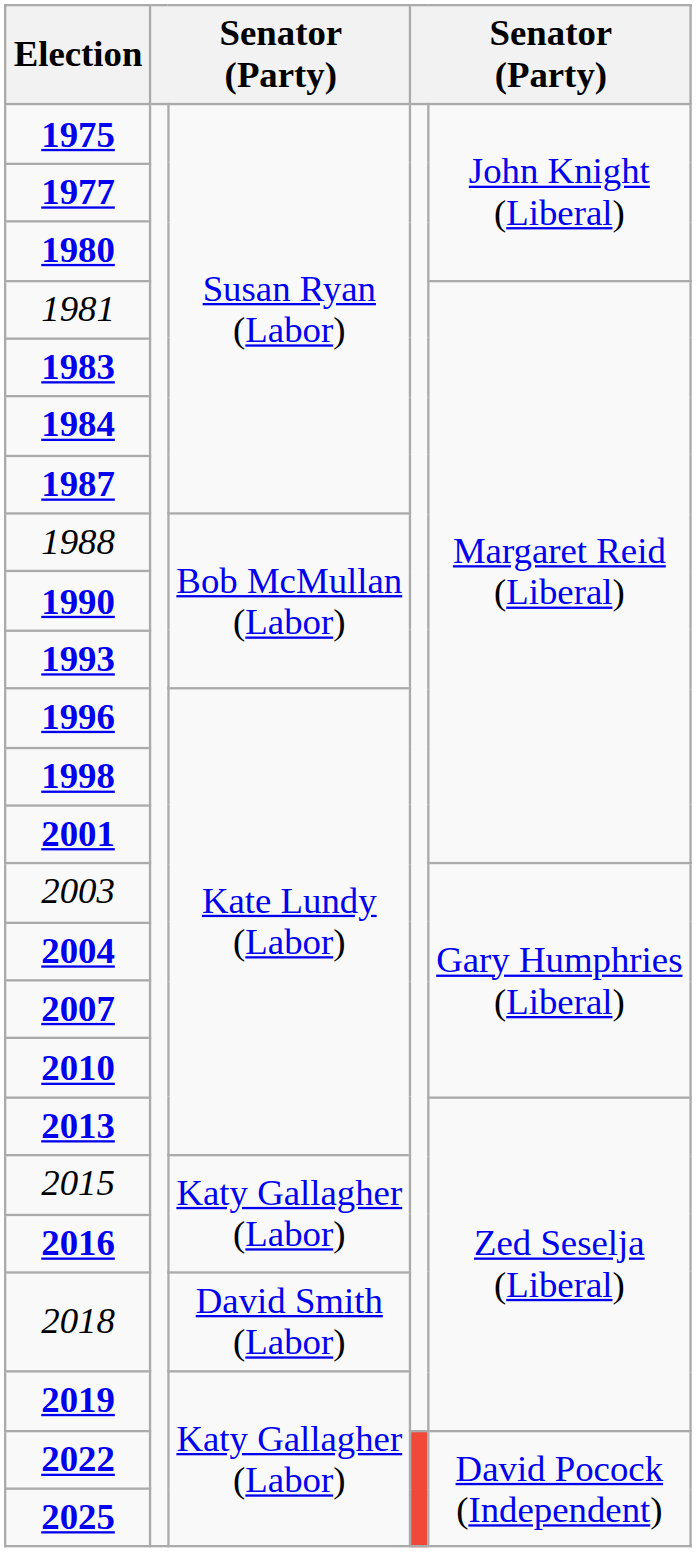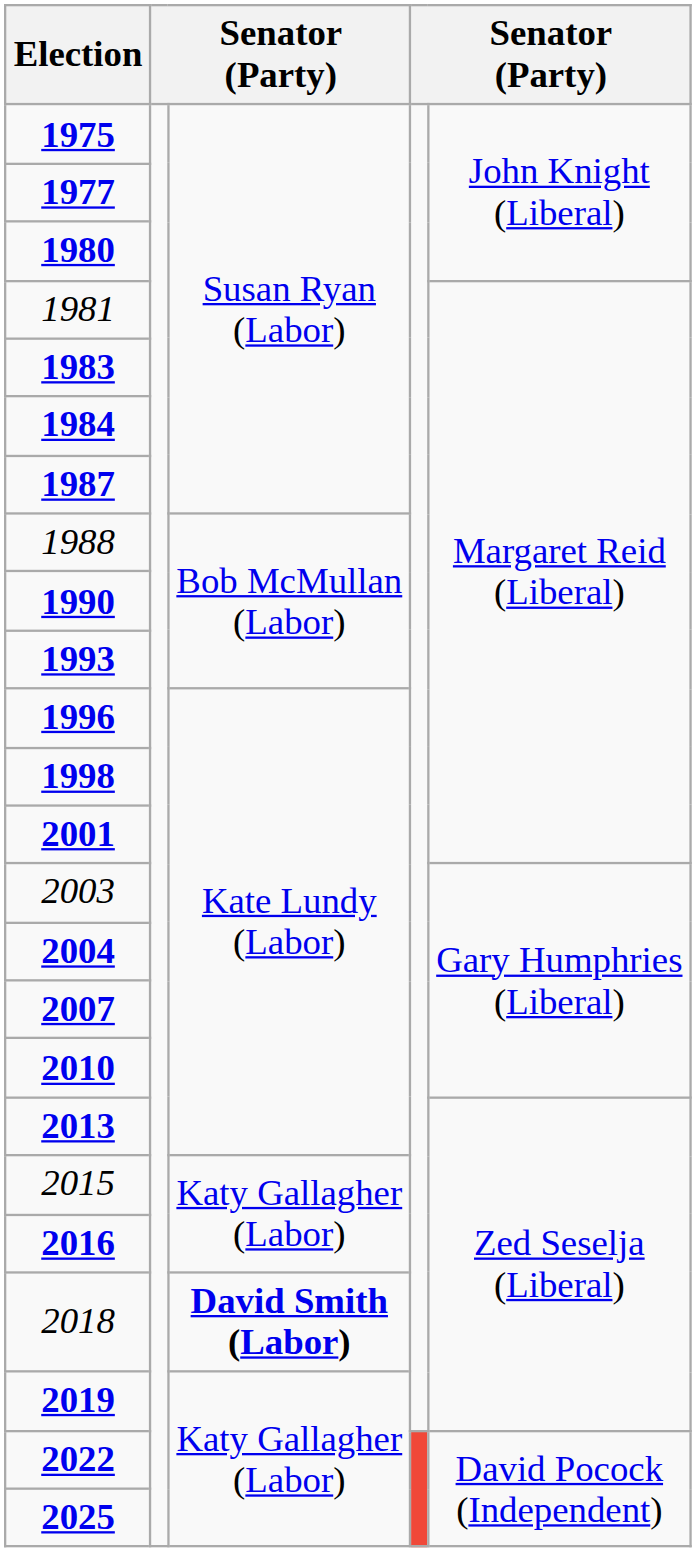 <table class="wikitable" style="text-align:center">
 <tr>
 <th>Election</th>
 <th colspan=2>Senator<br>(Party)</th>
 <th colspan=2>Senator<br>(Party)</th>
 </tr>
 <tr>
 <td><strong><a href='#'>1975</a></strong></td>
 <td rowspan=24; style="background-color: "></td>
 <td rowspan=7><a href='#'>Susan Ryan</a><br>(<a href='#'>Labor</a>)<br></td>
 <td rowspan=22; style="background-color: "></td>
 <td rowspan=3><a href='#'>John Knight</a><br>(<a href='#'>Liberal</a>)<br></td>
 </tr>
 <tr>
 <td><strong><a href='#'>1977</a></strong></td>
 </tr>
 <tr>
 <td><strong><a href='#'>1980</a></strong></td>
 </tr>
 <tr>
 <td><em>1981</em></td>
 <td rowspan=10><a href='#'>Margaret Reid</a><br>(<a href='#'>Liberal</a>)<br></td>
 </tr>
 <tr>
 <td><strong><a href='#'>1983</a></strong></td>
 </tr>
 <tr>
 <td><strong><a href='#'>1984</a></strong></td>
 </tr>
 <tr>
 <td><strong><a href='#'>1987</a></strong></td>
 </tr>
 <tr>
 <td><em>1988</em></td>
 <td rowspan=3><a href='#'>Bob McMullan</a><br>(<a href='#'>Labor</a>)<br></td>
 </tr>
 <tr>
 <td><strong><a href='#'>1990</a></strong></td>
 </tr>
 <tr>
 <td><strong><a href='#'>1993</a></strong></td>
 </tr>
 <tr>
 <td><strong><a href='#'>1996</a></strong></td>
 <td rowspan=8><a href='#'>Kate Lundy</a><br>(<a href='#'>Labor</a>)<br></td>
 </tr>
 <tr>
 <td><strong><a href='#'>1998</a></strong></td>
 </tr>
 <tr>
 <td><strong><a href='#'>2001</a></strong></td>
 </tr>
 <tr>
 <td><em>2003</em></td>
 <td rowspan=4><a href='#'>Gary Humphries</a><br>(<a href='#'>Liberal</a>)<br></td>
 </tr>
 <tr>
 <td><strong><a href='#'>2004</a></strong></td>
 </tr>
 <tr>
 <td><strong><a href='#'>2007</a></strong></td>
 </tr>
 <tr>
 <td><strong><a href='#'>2010</a></strong></td>
 </tr>
 <tr>
 <td><strong><a href='#'>2013</a></strong></td>
 <td rowspan=5><a href='#'>Zed Seselja</a><br>(<a href='#'>Liberal</a>)<br></td>
 </tr>
 <tr>
 <td><em>2015</em></td>
 <td rowspan=2><a href='#'>Katy Gallagher</a><br>(<a href='#'>Labor</a>)<br></td>
 </tr>
 <tr>
 <td><strong><a href='#'>2016</a></strong></td>
 </tr>
 <tr>
 <td><em>2018</em></td>
-<td><a href='#'>David Smith</a><br>(<a href='#'>Labor</a>)<br></td>
+<td><strong><a href='#'>David Smith</a><br>(<a href='#'>Labor</a>)<br></strong></td>
 </tr>
 <tr>
 <td><strong><a href='#'>2019</a></strong></td>
 <td rowspan=3><a href='#'>Katy Gallagher</a><br>(<a href='#'>Labor</a>)<br></td>
 </tr>
 <tr>
 <td><strong><a href='#'>2022</a></strong></td>
 <td rowspan=2; style="background-color: #F04839"></td>
 <td rowspan=2><a href='#'>David Pocock</a><br>(<a href='#'>Independent</a>)<br></td>
 </tr>
 <tr>
 <td><strong><a href='#'>2025</a></strong></td>
 </tr>
 </table>
